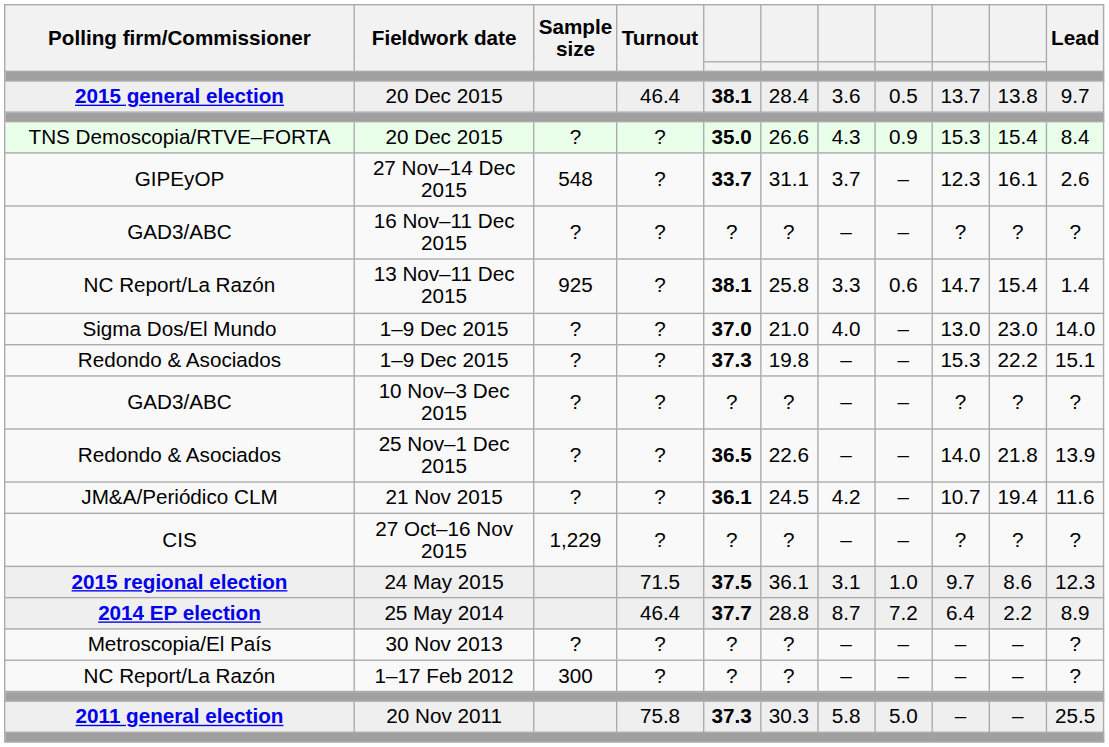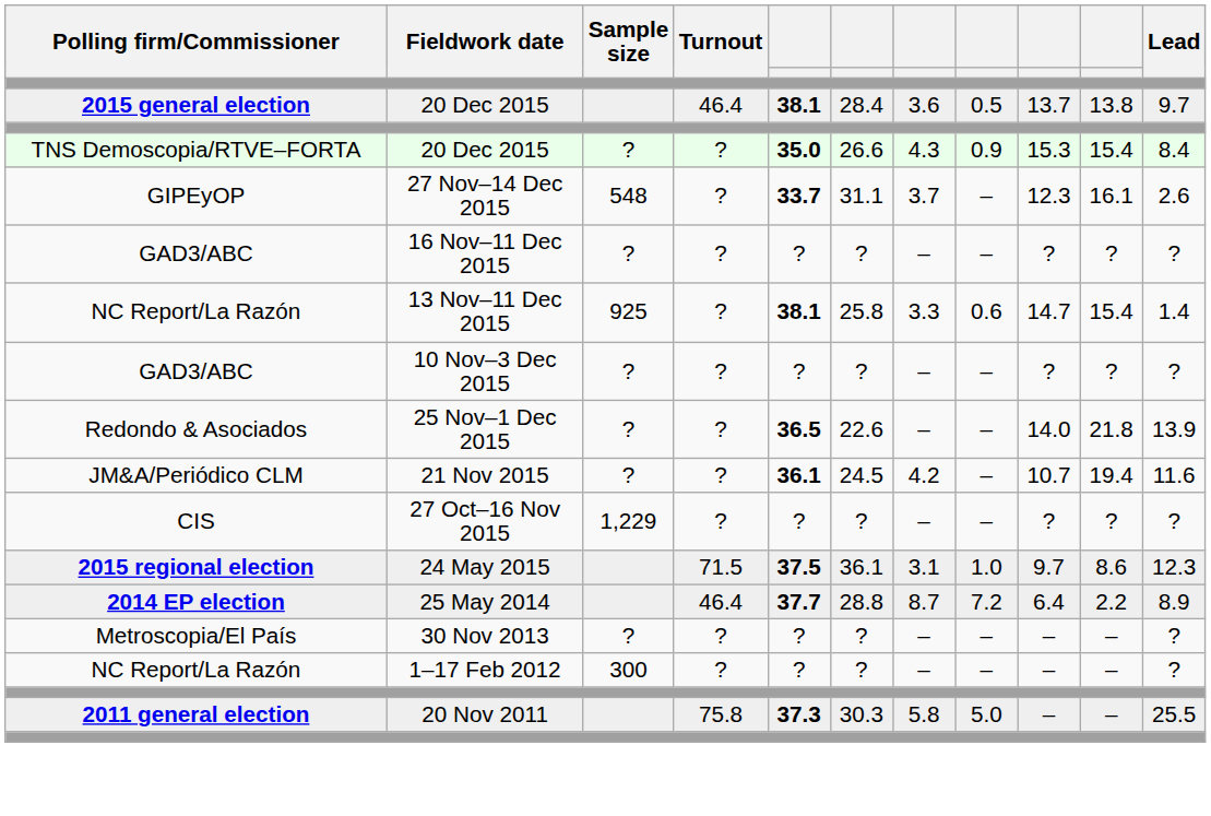 <table class="wikitable collapsible collapsed" style="text-align:center; font-size:95%; line-height:16px;">
 <tr style="height:42px; background-color:#E9E9E9">
 <th style="width:250px;" rowspan="2">Polling firm/Commissioner</th>
 <th style="width:125px;" rowspan="2">Fieldwork date</th>
 <th style="width:50px;" rowspan="2">Sample size</th>
 <th style="width:45px;" rowspan="2">Turnout</th>
 <th style="width:35px;"></th>
 <th style="width:35px;"></th>
 <th style="width:35px;"></th>
 <th style="width:35px;"></th>
 <th style="width:35px;"></th>
 <th style="width:35px;"></th>
 <th style="width:30px;" rowspan="2">Lead</th>
 </tr>
 <tr>
 <th style="color:inherit;background:"></th>
 <th style="color:inherit;background:"></th>
 <th style="color:inherit;background:"></th>
 <th style="color:inherit;background:"></th>
 <th style="color:inherit;background:"></th>
 <th style="color:inherit;background:"></th>
 </tr>
 <tr>
 <td colspan="11" style="background:#A0A0A0"></td>
 </tr>
 <tr style="background:#EFEFEF;">
 <td><strong><a href='#'>2015 general election</a></strong></td>
 <td>20 Dec 2015</td>
 <td></td>
 <td>46.4</td>
 <td><strong>38.1</strong><br></td>
 <td>28.4<br></td>
 <td>3.6<br></td>
 <td>0.5<br></td>
 <td>13.7<br></td>
 <td>13.8<br></td>
 <td style="background:">9.7</td>
 </tr>
 <tr>
 <td colspan="11" style="background:#A0A0A0"></td>
 </tr>
 <tr style="background:#EAFFEA;">
 <td>TNS Demoscopia/RTVE–FORTA</td>
 <td>20 Dec 2015</td>
 <td>?</td>
 <td>?</td>
 <td><strong>35.0</strong><br></td>
 <td>26.6<br></td>
 <td>4.3<br></td>
 <td>0.9<br></td>
 <td>15.3<br></td>
 <td>15.4<br></td>
 <td style="background:">8.4</td>
 </tr>
 <tr>
 <td>GIPEyOP</td>
 <td>27 Nov–14 Dec 2015</td>
 <td>548</td>
 <td>?</td>
 <td><strong>33.7</strong><br></td>
 <td>31.1<br></td>
 <td>3.7<br></td>
 <td>–</td>
 <td>12.3<br></td>
 <td>16.1<br></td>
 <td style="background:">2.6</td>
 </tr>
 <tr>
 <td>GAD3/ABC</td>
 <td>16 Nov–11 Dec 2015</td>
 <td>?</td>
 <td>?</td>
 <td>?<br></td>
 <td>?<br></td>
 <td>–</td>
 <td>–</td>
 <td>?<br></td>
 <td>?<br></td>
 <td style="background:">?</td>
 </tr>
 <tr>
 <td>NC Report/La Razón</td>
 <td>13 Nov–11 Dec 2015</td>
 <td>925</td>
 <td>?</td>
 <td><strong>38.1</strong><br></td>
 <td>25.8<br></td>
 <td>3.3<br></td>
 <td>0.6<br></td>
 <td>14.7<br></td>
 <td>15.4<br></td>
 <td style="background:">1.4</td>
-</tr>
-<tr>
-<td>Sigma Dos/El Mundo</td>
-<td>1–9 Dec 2015</td>
-<td>?</td>
-<td>?</td>
-<td><strong>37.0</strong><br></td>
-<td>21.0<br></td>
-<td>4.0<br></td>
-<td>–</td>
-<td>13.0<br></td>
-<td>23.0<br></td>
-<td style="background:">14.0</td>
-</tr>
-<tr>
-<td>Redondo & Asociados</td>
-<td>1–9 Dec 2015</td>
-<td>?</td>
-<td>?</td>
-<td><strong>37.3</strong><br></td>
-<td>19.8<br></td>
-<td>–</td>
-<td>–</td>
-<td>15.3<br></td>
-<td>22.2<br></td>
-<td style="background:">15.1</td>
 </tr>
 <tr>
 <td>GAD3/ABC</td>
 <td>10 Nov–3 Dec 2015</td>
 <td>?</td>
 <td>?</td>
 <td>?<br></td>
 <td>?<br></td>
 <td>–</td>
 <td>–</td>
 <td>?<br></td>
 <td>?<br></td>
 <td style="background:">?</td>
 </tr>
 <tr>
 <td>Redondo & Asociados</td>
 <td>25 Nov–1 Dec 2015</td>
 <td>?</td>
 <td>?</td>
 <td><strong>36.5</strong><br></td>
 <td>22.6<br></td>
 <td>–</td>
 <td>–</td>
 <td>14.0<br></td>
 <td>21.8<br></td>
 <td style="background:">13.9</td>
 </tr>
 <tr>
 <td>JM&A/Periódico CLM</td>
 <td>21 Nov 2015</td>
 <td>?</td>
 <td>?</td>
 <td><strong>36.1</strong><br></td>
 <td>24.5<br></td>
 <td>4.2<br></td>
 <td>–</td>
 <td>10.7<br></td>
 <td>19.4<br></td>
 <td style="background:">11.6</td>
 </tr>
 <tr>
 <td>CIS</td>
 <td>27 Oct–16 Nov 2015</td>
 <td>1,229</td>
 <td>?</td>
 <td>?<br></td>
 <td>?<br></td>
 <td>–</td>
 <td>–</td>
 <td>?<br></td>
 <td>?<br></td>
 <td style="background:">?</td>
 </tr>
 <tr style="background:#EFEFEF;">
 <td><strong><a href='#'>2015 regional election</a></strong></td>
 <td>24 May 2015</td>
 <td></td>
 <td>71.5</td>
 <td><strong>37.5</strong><br></td>
 <td>36.1<br></td>
 <td>3.1<br></td>
 <td>1.0<br></td>
 <td>9.7<br></td>
 <td>8.6<br></td>
 <td style="background:">12.3</td>
 </tr>
 <tr style="background:#EFEFEF;">
 <td><strong><a href='#'>2014 EP election</a></strong></td>
 <td>25 May 2014</td>
 <td></td>
 <td>46.4</td>
 <td><strong>37.7</strong><br></td>
 <td>28.8<br></td>
 <td>8.7<br></td>
 <td>7.2<br></td>
 <td>6.4<br></td>
 <td>2.2<br></td>
 <td style="background:">8.9</td>
 </tr>
 <tr>
 <td>Metroscopia/El País</td>
 <td>30 Nov 2013</td>
 <td>?</td>
 <td>?</td>
 <td>?<br></td>
 <td>?<br></td>
 <td>–</td>
 <td>–</td>
 <td>–</td>
 <td>–</td>
 <td style="background:">?</td>
 </tr>
 <tr>
 <td>NC Report/La Razón</td>
 <td>1–17 Feb 2012</td>
 <td>300</td>
 <td>?</td>
 <td>?<br></td>
 <td>?<br></td>
 <td>–</td>
 <td>–</td>
 <td>–</td>
 <td>–</td>
 <td style="background:">?</td>
 </tr>
 <tr>
 <td colspan="11" style="background:#A0A0A0"></td>
 </tr>
 <tr style="background:#EFEFEF;">
 <td><strong><a href='#'>2011 general election</a></strong></td>
 <td>20 Nov 2011</td>
 <td></td>
 <td>75.8</td>
 <td><strong>37.3</strong><br></td>
 <td>30.3<br></td>
 <td>5.8<br></td>
 <td>5.0<br></td>
 <td>–</td>
 <td>–</td>
 <td style="background:">25.5</td>
 </tr>
 <tr>
 <td colspan="11" style="background:#A0A0A0"></td>
 </tr>
 </table>
